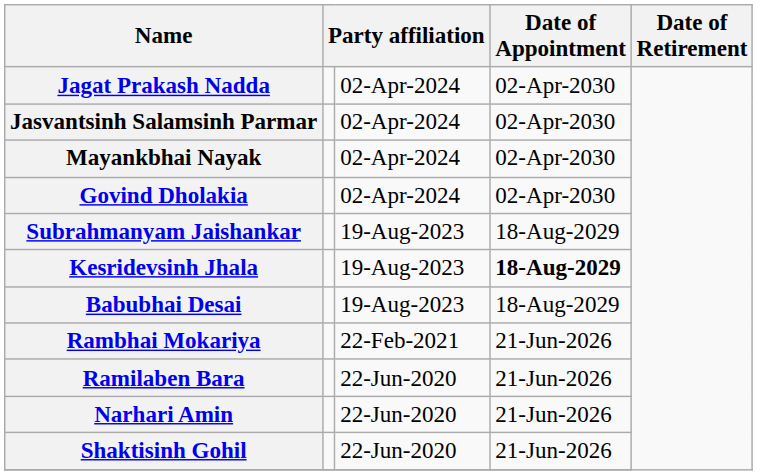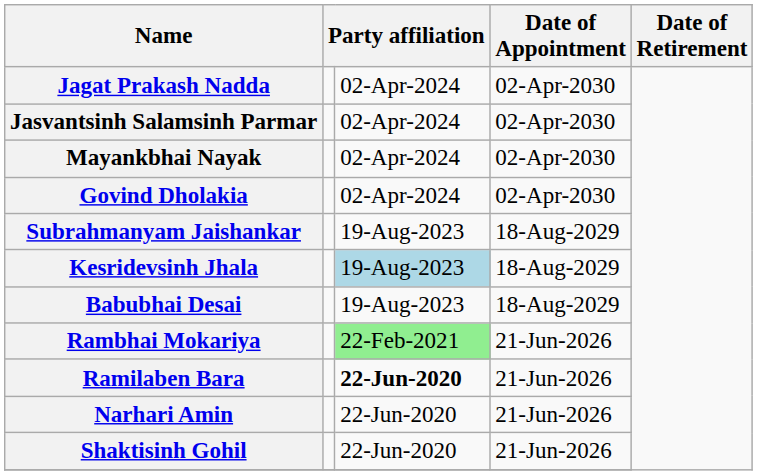 <table class="wikitable sortable static-row-numbers">
 <tr>
 <th>Name</th>
 <th colspan="2">Party affiliation</th>
 <th>Date of <br>Appointment</th>
 <th>Date of <br>Retirement</th>
 </tr>
 <tr>
 <th><a href='#'>Jagat Prakash Nadda</a></th>
 <td></td>
 <td>02-Apr-2024</td>
 <td>02-Apr-2030</td>
 </tr>
 <tr>
 <th>Jasvantsinh Salamsinh Parmar</th>
 <td></td>
 <td>02-Apr-2024</td>
 <td>02-Apr-2030</td>
 </tr>
 <tr>
 <th>Mayankbhai Nayak</th>
 <td></td>
 <td>02-Apr-2024</td>
 <td>02-Apr-2030</td>
 </tr>
 <tr>
 <th><a href='#'>Govind Dholakia</a></th>
 <td></td>
 <td>02-Apr-2024</td>
 <td>02-Apr-2030</td>
 </tr>
 <tr>
 <th><a href='#'>Subrahmanyam Jaishankar</a></th>
 <td></td>
 <td>19-Aug-2023</td>
 <td>18-Aug-2029</td>
 </tr>
 <tr>
 <th><a href='#'>Kesridevsinh Jhala</a></th>
 <td></td>
-<td>19-Aug-2023</td>
-<td><strong>18-Aug-2029</strong></td>
+<td style="background: lightblue;">19-Aug-2023</td>
+<td>18-Aug-2029</td>
 </tr>
 <tr>
 <th><a href='#'>Babubhai Desai</a></th>
 <td></td>
 <td>19-Aug-2023</td>
 <td>18-Aug-2029</td>
 </tr>
 <tr>
 <th><a href='#'>Rambhai Mokariya</a></th>
 <td></td>
-<td>22-Feb-2021</td>
+<td style="background: lightgreen;">22-Feb-2021</td>
 <td>21-Jun-2026</td>
 </tr>
 <tr>
 <th><a href='#'>Ramilaben Bara</a></th>
 <td></td>
-<td>22-Jun-2020</td>
+<td><strong>22-Jun-2020</strong></td>
 <td>21-Jun-2026</td>
 </tr>
 <tr>
 <th><a href='#'>Narhari Amin</a></th>
 <td></td>
 <td>22-Jun-2020</td>
 <td>21-Jun-2026</td>
 </tr>
 <tr>
 <th><a href='#'>Shaktisinh Gohil</a></th>
 <td></td>
 <td>22-Jun-2020</td>
 <td>21-Jun-2026</td>
 </tr>
 <tr>
 </tr>
 </table>
